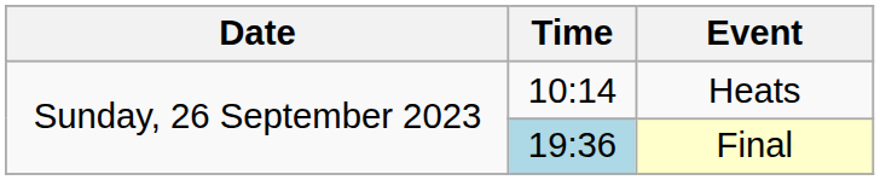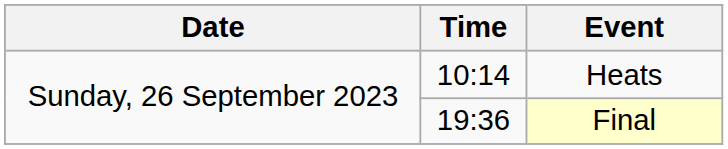 <table class = "wikitable" style="text-align:center;">
 <tr>
 <th width=220>Date</th>
 <th width=50>Time</th>
 <th width=100>Event</th>
 </tr>
 <tr>
 <td rowspan=2>Sunday, 26 September 2023</td>
 <td>10:14</td>
 <td>Heats</td>
 </tr>
 <tr>
-<td style="background: lightblue;">19:36</td>
+<td>19:36</td>
 <td bgcolor=ffffcc>Final</td>
 </tr>
 </table>
